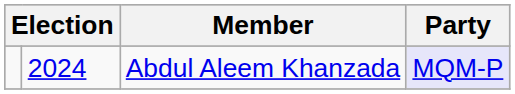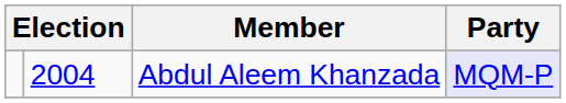 <table class="wikitable">
 <tr>
 <th colspan="2">Election</th>
 <th>Member</th>
 <th>Party</th>
 </tr>
 <tr>
 <td style="background-color: "></td>
-<td><a href='#'>2024</a></td>
+<td><a href='#'>2004</a></td>
 <td><a href='#'>Abdul Aleem Khanzada</a></td>
 <td style="background: lavender;"><a href='#'>MQM-P</a></td>
 </tr>
 </table>
